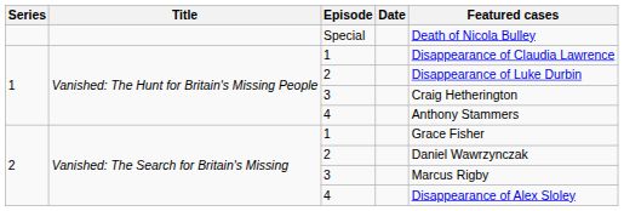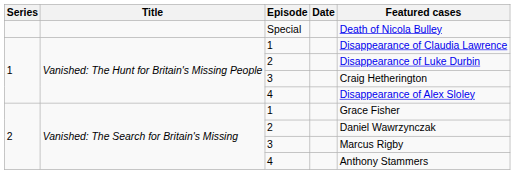 <table class="wikitable">
 <tr>
 <th>Series</th>
 <th>Title</th>
 <th>Episode</th>
 <th>Date</th>
 <th>Featured cases</th>
 </tr>
 <tr>
 <td></td>
 <td></td>
 <td>Special</td>
 <td></td>
 <td><a href='#'>Death of Nicola Bulley</a></td>
 </tr>
 <tr>
 <td rowspan=4>1</td>
 <td rowspan=4><em>Vanished: The Hunt for Britain's Missing People</em></td>
 <td>1</td>
 <td></td>
 <td><a href='#'>Disappearance of Claudia Lawrence</a></td>
 </tr>
 <tr>
 <td>2</td>
 <td></td>
 <td><a href='#'>Disappearance of Luke Durbin</a></td>
 </tr>
 <tr>
 <td>3</td>
 <td></td>
 <td>Craig Hetherington</td>
 </tr>
 <tr>
 <td>4</td>
 <td></td>
-<td>Anthony Stammers</td>
+<td><a href='#'>Disappearance of Alex Sloley</a></td>
 </tr>
 <tr>
 <td rowspan=4>2</td>
 <td rowspan=4><em>Vanished: The Search for Britain's Missing</em></td>
 <td>1</td>
 <td></td>
 <td>Grace Fisher</td>
 </tr>
 <tr>
 <td>2</td>
 <td></td>
 <td>Daniel Wawrzynczak</td>
 </tr>
 <tr>
 <td>3</td>
 <td></td>
 <td>Marcus Rigby</td>
 </tr>
 <tr>
 <td>4</td>
 <td></td>
-<td><a href='#'>Disappearance of Alex Sloley</a></td>
+<td>Anthony Stammers</td>
 </tr>
 </table>
